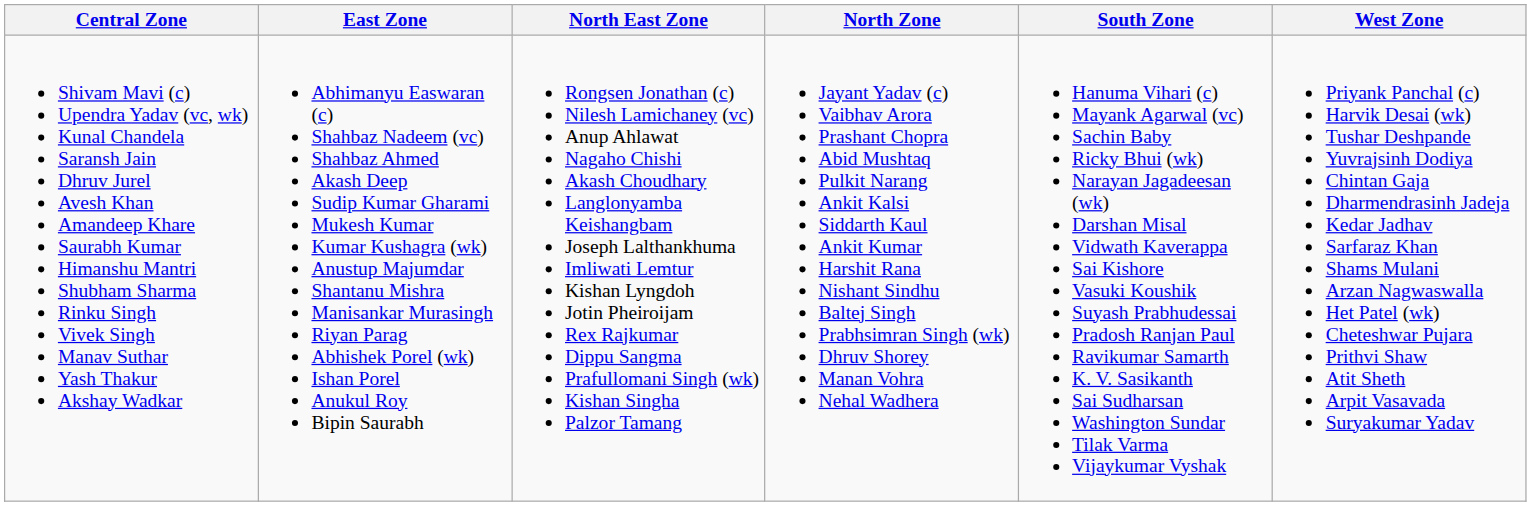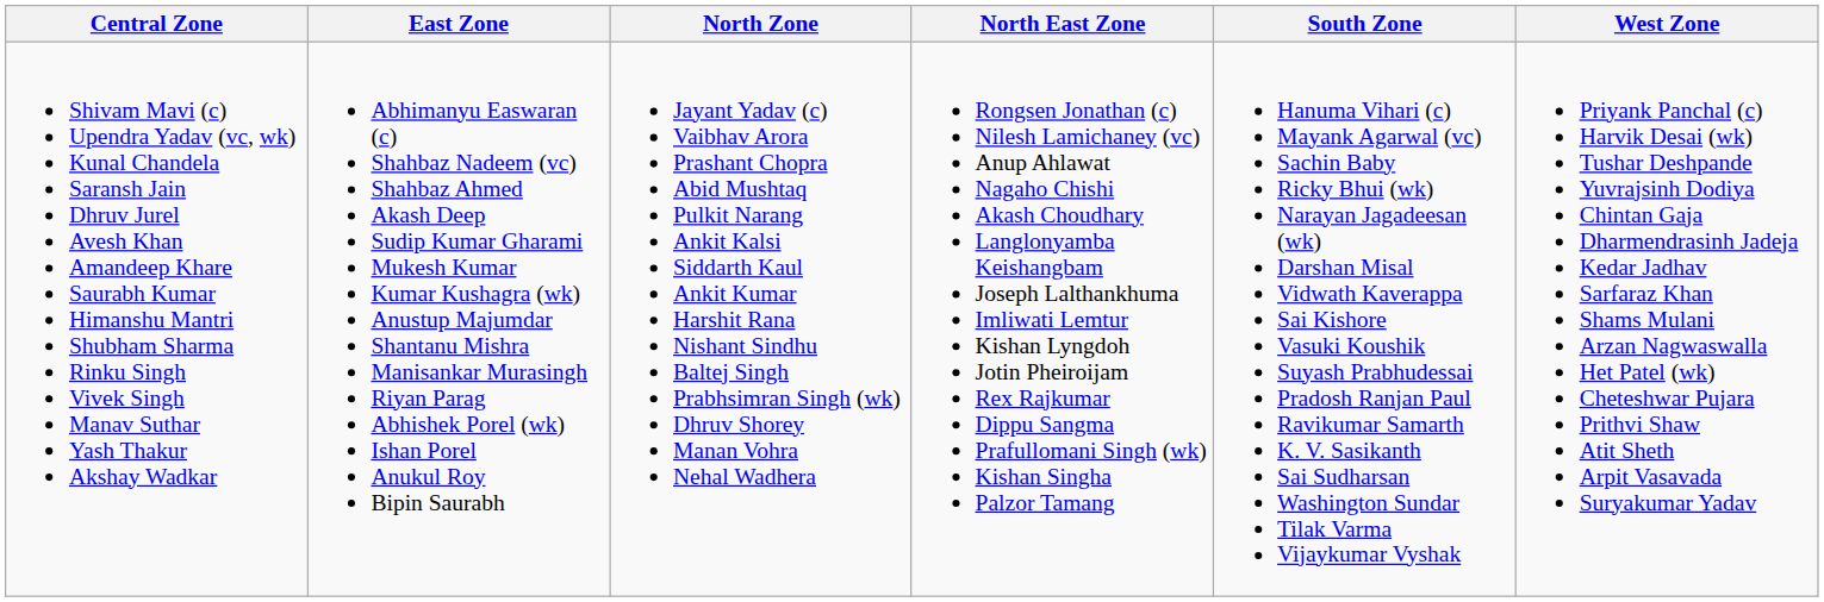 <table class="wikitable">
 <tr>
 <th style="width:15%;"><a href='#'>Central Zone</a></th>
 <th style="width:15%;"><a href='#'>East Zone</a></th>
+<th style="width:15%;"><a href='#'>North Zone</a></th>
 <th style="width:15%;"><a href='#'>North East Zone</a></th>
-<th style="width:15%;"><a href='#'>North Zone</a></th>
 <th style="width:15%;"><a href='#'>South Zone</a></th>
 <th style="width:15%;"><a href='#'>West Zone</a></th>
 </tr>
 <tr style="vertical-align:top">
 <td><br><ul><li><a href='#'>Shivam Mavi</a> (<a href='#'>c</a>)</li><li><a href='#'>Upendra Yadav</a> (<a href='#'>vc</a>, <a href='#'>wk</a>)</li><li><a href='#'>Kunal Chandela</a></li><li><a href='#'>Saransh Jain</a></li><li><a href='#'>Dhruv Jurel</a></li><li><a href='#'>Avesh Khan</a></li><li><a href='#'>Amandeep Khare</a></li><li><a href='#'>Saurabh Kumar</a></li><li><a href='#'>Himanshu Mantri</a></li><li><a href='#'>Shubham Sharma</a></li><li><a href='#'>Rinku Singh</a></li><li><a href='#'>Vivek Singh</a></li><li><a href='#'>Manav Suthar</a></li><li><a href='#'>Yash Thakur</a></li><li><a href='#'>Akshay Wadkar</a></li></ul></td>
 <td><br><ul><li><a href='#'>Abhimanyu Easwaran</a> (<a href='#'>c</a>)</li><li><a href='#'>Shahbaz Nadeem</a> (<a href='#'>vc</a>)</li><li><a href='#'>Shahbaz Ahmed</a></li><li><a href='#'>Akash Deep</a></li><li><a href='#'>Sudip Kumar Gharami</a></li><li><a href='#'>Mukesh Kumar</a></li><li><a href='#'>Kumar Kushagra</a> (<a href='#'>wk</a>)</li><li><a href='#'>Anustup Majumdar</a></li><li><a href='#'>Shantanu Mishra</a></li><li><a href='#'>Manisankar Murasingh</a></li><li><a href='#'>Riyan Parag</a></li><li><a href='#'>Abhishek Porel</a> (<a href='#'>wk</a>)</li><li><a href='#'>Ishan Porel</a></li><li><a href='#'>Anukul Roy</a></li><li>Bipin Saurabh</li></ul></td>
+<td><br><ul><li><a href='#'>Jayant Yadav</a> (<a href='#'>c</a>)</li><li><a href='#'>Vaibhav Arora</a></li><li><a href='#'>Prashant Chopra</a></li><li><a href='#'>Abid Mushtaq</a></li><li><a href='#'>Pulkit Narang</a></li><li><a href='#'>Ankit Kalsi</a></li><li><a href='#'>Siddarth Kaul</a></li><li><a href='#'>Ankit Kumar</a></li><li><a href='#'>Harshit Rana</a></li><li><a href='#'>Nishant Sindhu</a></li><li><a href='#'>Baltej Singh</a></li><li><a href='#'>Prabhsimran Singh</a> (<a href='#'>wk</a>)</li><li><a href='#'>Dhruv Shorey</a></li><li><a href='#'>Manan Vohra</a></li><li><a href='#'>Nehal Wadhera</a></li></ul></td>
 <td><br><ul><li><a href='#'>Rongsen Jonathan</a> (<a href='#'>c</a>)</li><li><a href='#'>Nilesh Lamichaney</a> (<a href='#'>vc</a>)</li><li>Anup Ahlawat</li><li><a href='#'>Nagaho Chishi</a></li><li><a href='#'>Akash Choudhary</a></li><li><a href='#'>Langlonyamba Keishangbam</a></li><li>Joseph Lalthankhuma</li><li><a href='#'>Imliwati Lemtur</a></li><li>Kishan Lyngdoh</li><li>Jotin Pheiroijam</li><li><a href='#'>Rex Rajkumar</a></li><li><a href='#'>Dippu Sangma</a></li><li><a href='#'>Prafullomani Singh</a> (<a href='#'>wk</a>)</li><li><a href='#'>Kishan Singha</a></li><li><a href='#'>Palzor Tamang</a></li></ul></td>
-<td><br><ul><li><a href='#'>Jayant Yadav</a> (<a href='#'>c</a>)</li><li><a href='#'>Vaibhav Arora</a></li><li><a href='#'>Prashant Chopra</a></li><li><a href='#'>Abid Mushtaq</a></li><li><a href='#'>Pulkit Narang</a></li><li><a href='#'>Ankit Kalsi</a></li><li><a href='#'>Siddarth Kaul</a></li><li><a href='#'>Ankit Kumar</a></li><li><a href='#'>Harshit Rana</a></li><li><a href='#'>Nishant Sindhu</a></li><li><a href='#'>Baltej Singh</a></li><li><a href='#'>Prabhsimran Singh</a> (<a href='#'>wk</a>)</li><li><a href='#'>Dhruv Shorey</a></li><li><a href='#'>Manan Vohra</a></li><li><a href='#'>Nehal Wadhera</a></li></ul></td>
 <td><br><ul><li><a href='#'>Hanuma Vihari</a> (<a href='#'>c</a>)</li><li><a href='#'>Mayank Agarwal</a> (<a href='#'>vc</a>)</li><li><a href='#'>Sachin Baby</a></li><li><a href='#'>Ricky Bhui</a> (<a href='#'>wk</a>)</li><li><a href='#'>Narayan Jagadeesan</a> (<a href='#'>wk</a>)</li><li><a href='#'>Darshan Misal</a></li><li><a href='#'>Vidwath Kaverappa</a></li><li><a href='#'>Sai Kishore</a></li><li><a href='#'>Vasuki Koushik</a></li><li><a href='#'>Suyash Prabhudessai</a></li><li><a href='#'>Pradosh Ranjan Paul</a></li><li><a href='#'>Ravikumar Samarth</a></li><li><a href='#'>K. V. Sasikanth</a></li><li><a href='#'>Sai Sudharsan</a></li><li><a href='#'>Washington Sundar</a></li><li><a href='#'>Tilak Varma</a></li><li><a href='#'>Vijaykumar Vyshak</a></li></ul></td>
 <td><br><ul><li><a href='#'>Priyank Panchal</a> (<a href='#'>c</a>)</li><li><a href='#'>Harvik Desai</a> (<a href='#'>wk</a>)</li><li><a href='#'>Tushar Deshpande</a></li><li><a href='#'>Yuvrajsinh Dodiya</a></li><li><a href='#'>Chintan Gaja</a></li><li><a href='#'>Dharmendrasinh Jadeja</a></li><li><a href='#'>Kedar Jadhav</a></li><li><a href='#'>Sarfaraz Khan</a></li><li><a href='#'>Shams Mulani</a></li><li><a href='#'>Arzan Nagwaswalla</a></li><li><a href='#'>Het Patel</a> (<a href='#'>wk</a>)</li><li><a href='#'>Cheteshwar Pujara</a></li><li><a href='#'>Prithvi Shaw</a></li><li><a href='#'>Atit Sheth</a></li><li><a href='#'>Arpit Vasavada</a></li><li><a href='#'>Suryakumar Yadav</a></li></ul></td>
 </tr>
 </table>
